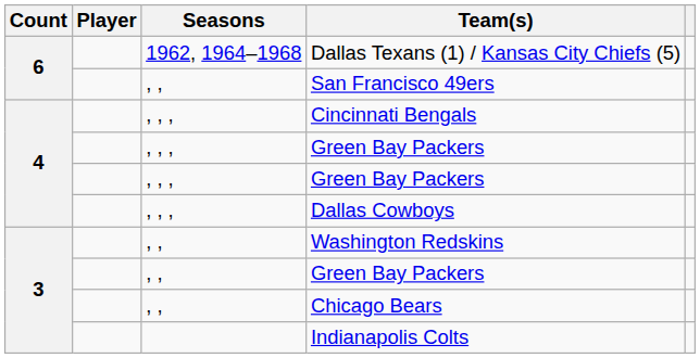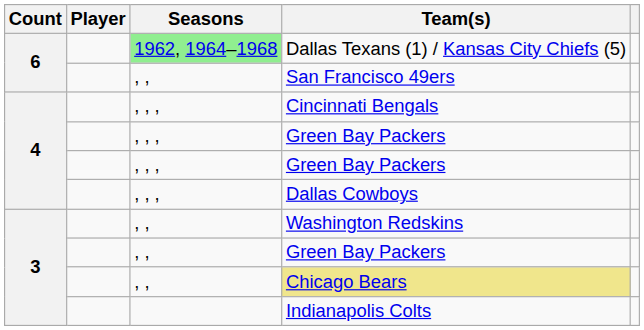 <table class="sortable wikitable">
 <tr>
 <th scope=col>Count</th>
 <th scope=col>Player</th>
 <th scope=col>Seasons</th>
 <th scope=col>Team(s)</th>
 <th scope=col class= "unsortable"></th>
 </tr>
 <tr>
 <th scope=rowgroup rowspan=2>6</th>
 <td></td>
-<td><a href='#'>1962</a>, <a href='#'>1964</a>–<a href='#'>1968</a></td>
+<td style="background: lightgreen;"><a href='#'>1962</a>, <a href='#'>1964</a>–<a href='#'>1968</a></td>
 <td>Dallas Texans (1) / <a href='#'>Kansas City Chiefs</a> (5)</td>
 <td></td>
 </tr>
 <tr>
 <td></td>
 <td>, , </td>
 <td><a href='#'>San Francisco 49ers</a></td>
 <td></td>
 </tr>
 <tr>
 <th scope=rowgroup rowspan=4>4</th>
 <td></td>
 <td>, , , </td>
 <td><a href='#'>Cincinnati Bengals</a></td>
 <td></td>
 </tr>
 <tr>
 <td></td>
 <td>, , , </td>
 <td><a href='#'>Green Bay Packers</a></td>
 <td></td>
 </tr>
 <tr>
 <td></td>
 <td>, , , </td>
 <td><a href='#'>Green Bay Packers</a></td>
 <td></td>
 </tr>
 <tr>
 <td></td>
 <td>, , , </td>
 <td><a href='#'>Dallas Cowboys</a></td>
 <td></td>
 </tr>
 <tr>
 <th scope=rowgroup rowspan=4>3</th>
 <td></td>
 <td>, , </td>
 <td><a href='#'>Washington Redskins</a></td>
 <td></td>
 </tr>
 <tr>
 <td></td>
 <td>, , </td>
 <td><a href='#'>Green Bay Packers</a></td>
 <td></td>
 </tr>
 <tr>
 <td></td>
 <td>, , </td>
-<td><a href='#'>Chicago Bears</a></td>
+<td style="background: khaki;"><a href='#'>Chicago Bears</a></td>
 <td></td>
 </tr>
 <tr>
 <td></td>
 <td></td>
 <td><a href='#'>Indianapolis Colts</a></td>
 <td></td>
 </tr>
 </table>
